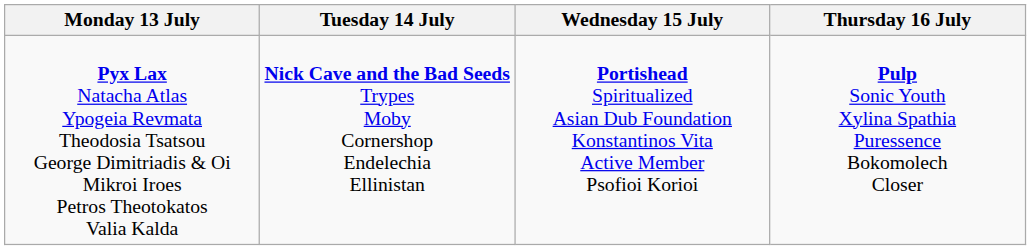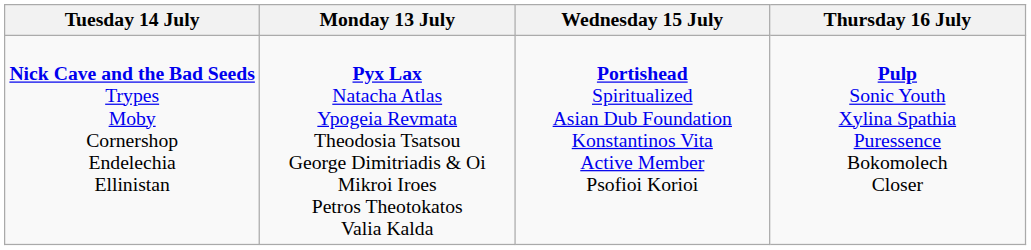 <table class="wikitable">
 <tr>
+<th>Tuesday 14 July</th>
 <th>Monday 13 July</th>
-<th>Tuesday 14 July</th>
 <th>Wednesday 15 July</th>
 <th>Thursday 16 July</th>
 </tr>
 <tr>
+<td valign="top" align="center" width=200><br><strong><a href='#'>Nick Cave and the Bad Seeds</a></strong> <br><a href='#'>Trypes</a> <br><a href='#'>Moby</a> <br>Cornershop <br>Endelechia <br>Ellinistan</td>
 <td valign="top" align="center" width=200><br><strong><a href='#'>Pyx Lax</a></strong> <br><a href='#'>Natacha Atlas</a> <br><a href='#'>Ypogeia Revmata</a> <br>Theodosia Tsatsou <br>George Dimitriadis & Oi Mikroi Iroes <br>Petros Theotokatos <br>Valia Kalda</td>
-<td valign="top" align="center" width=200><br><strong><a href='#'>Nick Cave and the Bad Seeds</a></strong> <br><a href='#'>Trypes</a> <br><a href='#'>Moby</a> <br>Cornershop <br>Endelechia <br>Ellinistan</td>
 <td valign="top" align="center" width=200><br><strong><a href='#'>Portishead</a></strong> <br><a href='#'>Spiritualized</a> <br><a href='#'>Asian Dub Foundation</a> <br><a href='#'>Konstantinos Vita</a> <br><a href='#'>Active Member</a> <br>Psofioi Korioi</td>
 <td valign="top" align="center" width=200><br><strong><a href='#'>Pulp</a></strong> <br><a href='#'>Sonic Youth</a> <br><a href='#'>Xylina Spathia</a> <br><a href='#'>Puressence</a> <br>Bokomolech <br>Closer</td>
 </tr>
 </table>
